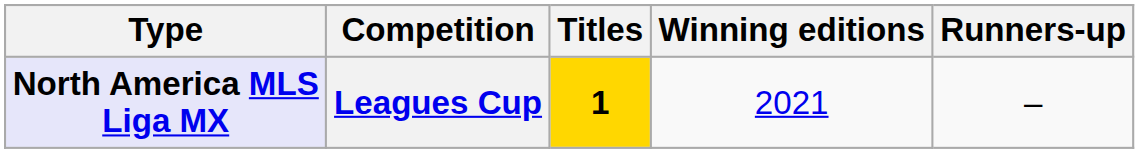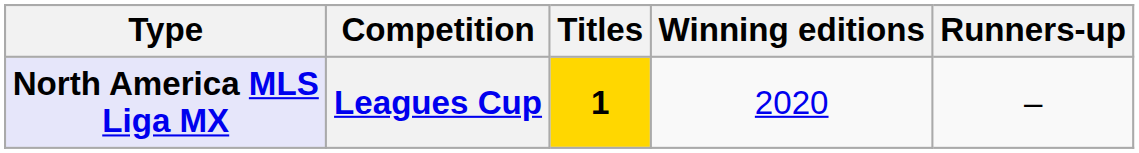 <table class="wikitable" style="text-align: center;">
 <tr>
 <th>Type</th>
 <th>Competition</th>
 <th>Titles</th>
 <th>Winning editions</th>
 <th>Runners-up</th>
 </tr>
 <tr>
 <td rowspan="1" style="background: lavender;">   <strong>North America <a href='#'>MLS</a><br><a href='#'>Liga MX</a></strong></td>
 <th scope=col><a href='#'>Leagues Cup</a></th>
 <td bgcolor="gold"><strong>1</strong></td>
-<td><a href='#'>2021</a></td>
+<td><a href='#'>2020</a></td>
 <td>–</td>
 </tr>
 </table>
